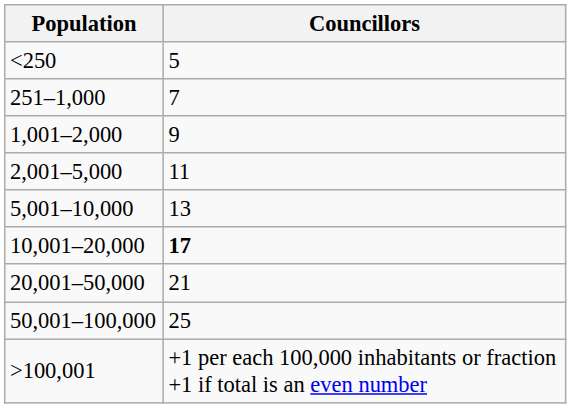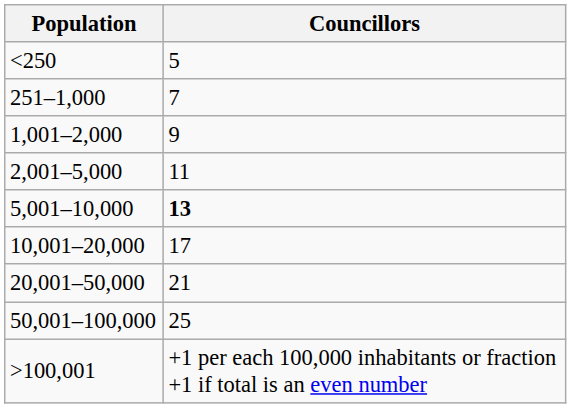 <table class="wikitable" style="text-align:left; font-size:95%;">
 <tr>
 <th width="100">Population</th>
 <th width="265">Councillors</th>
 </tr>
 <tr>
 <td><250</td>
 <td>5</td>
 </tr>
 <tr>
 <td>251–1,000</td>
 <td>7</td>
 </tr>
 <tr>
 <td>1,001–2,000</td>
 <td>9</td>
 </tr>
 <tr>
 <td>2,001–5,000</td>
 <td>11</td>
 </tr>
 <tr>
 <td>5,001–10,000</td>
-<td>13</td>
+<td><strong>13</strong></td>
 </tr>
 <tr>
 <td>10,001–20,000</td>
-<td><strong>17</strong></td>
+<td>17</td>
 </tr>
 <tr>
 <td>20,001–50,000</td>
 <td>21</td>
 </tr>
 <tr>
 <td>50,001–100,000</td>
 <td>25</td>
 </tr>
 <tr>
 <td>>100,001</td>
 <td>+1 per each 100,000 inhabitants or fraction<br>+1 if total is an <a href='#'>even number</a></td>
 </tr>
 </table>
